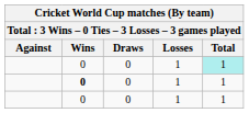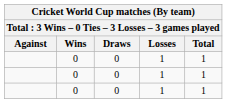 <table class="wikitable" style="text-align: center;">
 <tr>
 <th colspan=5>Cricket World Cup matches (By team)</th>
 </tr>
 <tr>
 <th colspan=5>Total : 3 Wins – 0 Ties – 3 Losses – 3 games played</th>
 </tr>
 <tr>
 <th>Against</th>
 <th>Wins</th>
 <th>Draws</th>
 <th>Losses</th>
 <th>Total</th>
 </tr>
 <tr>
 <td></td>
 <td>0</td>
 <td>0</td>
 <td>1</td>
-<td style="background: paleturquoise;">1</td>
+<td>1</td>
 </tr>
 <tr>
 <td></td>
-<td><strong>0</strong></td>
+<td>0</td>
 <td>0</td>
 <td>1</td>
 <td>1</td>
 </tr>
 <tr>
 <td></td>
 <td>0</td>
 <td>0</td>
 <td>1</td>
 <td>1</td>
 </tr>
 </table>
